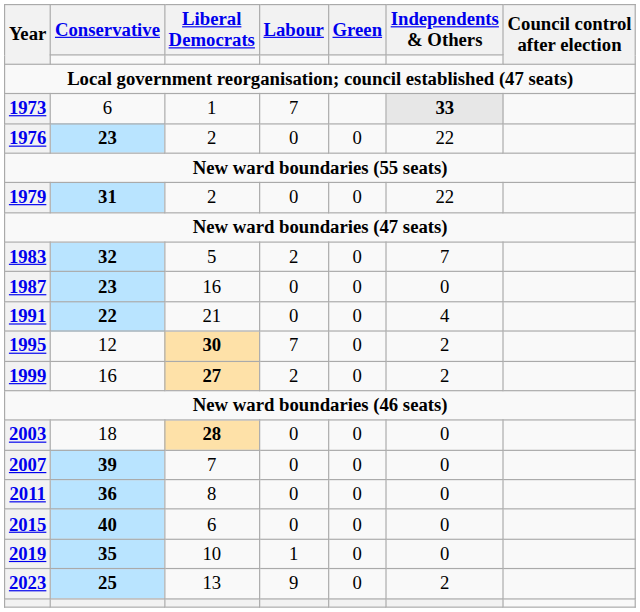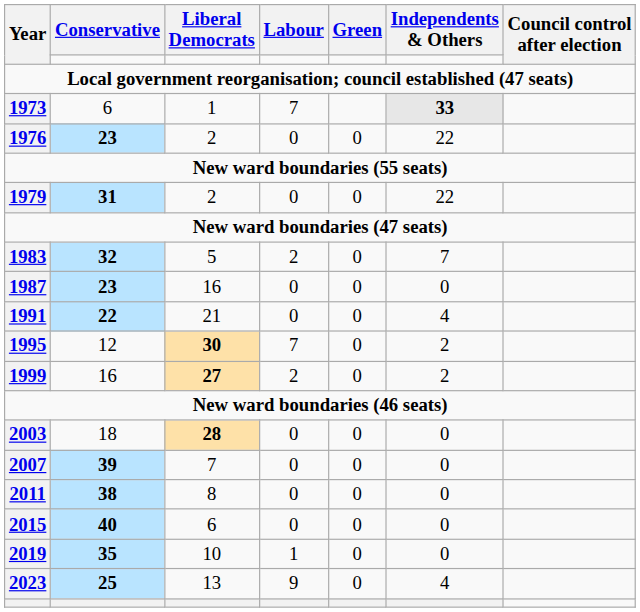 <table class="wikitable plainrowheaders" style="text-align:center">
 <tr>
 <th scope="col" rowspan="2">Year</th>
 <th scope="col"><a href='#'>Conservative</a></th>
 <th scope="col" style="width:1px"><a href='#'>Liberal Democrats</a></th>
 <th scope="col"><a href='#'>Labour</a></th>
 <th scope="col"><a href='#'>Green</a></th>
 <th scope="col"><a href='#'>Independents</a><br>& Others</th>
 <th scope="col" rowspan="2" colspan="2">Council control<br>after election</th>
 </tr>
 <tr>
 <td style="background:"></td>
 <td style="background:"></td>
 <td style="background:"></td>
 <td style="background:"></td>
 <td style="background:"></td>
 </tr>
 <tr>
 <td colspan="9"><strong>Local government reorganisation; council established (47 seats)</strong></td>
 </tr>
 <tr>
 <th scope="row"><a href='#'>1973</a></th>
 <td>6</td>
 <td>1</td>
 <td>7</td>
 <td></td>
 <td style="background:#E7E7E7;"><strong>33</strong></td>
 <td></td>
 </tr>
 <tr>
 <th scope="row"><a href='#'>1976</a></th>
 <td style="background:#B9E4FF;"><strong>23</strong></td>
 <td>2</td>
 <td>0</td>
 <td>0</td>
 <td>22</td>
 <td></td>
 </tr>
 <tr>
 <td colspan="9"><strong>New ward boundaries (55 seats)</strong></td>
 </tr>
 <tr>
 <th scope="row"><a href='#'>1979</a></th>
 <td style="background:#B9E4FF;"><strong>31</strong></td>
 <td>2</td>
 <td>0</td>
 <td>0</td>
 <td>22</td>
 <td></td>
 </tr>
 <tr>
 <td colspan="9"><strong>New ward boundaries (47 seats)</strong></td>
 </tr>
 <tr>
 <th scope="row"><a href='#'>1983</a></th>
 <td style="background:#B9E4FF;"><strong>32</strong></td>
 <td>5</td>
 <td>2</td>
 <td>0</td>
 <td>7</td>
 <td></td>
 </tr>
 <tr>
 <th scope="row"><a href='#'>1987</a></th>
 <td style="background:#B9E4FF;"><strong>23</strong></td>
 <td>16</td>
 <td>0</td>
 <td>0</td>
 <td>0</td>
 <td></td>
 </tr>
 <tr>
 <th scope="row"><a href='#'>1991</a></th>
 <td style="background:#B9E4FF;"><strong>22</strong></td>
 <td>21</td>
 <td>0</td>
 <td>0</td>
 <td>4</td>
 <td></td>
 </tr>
 <tr>
 <th scope="row"><a href='#'>1995</a></th>
 <td>12</td>
 <td style="background:#FEE1A8"><strong>30</strong></td>
 <td>7</td>
 <td>0</td>
 <td>2</td>
 <td></td>
 </tr>
 <tr>
 <th scope="row"><a href='#'>1999</a></th>
 <td>16</td>
 <td style="background:#FEE1A8"><strong>27</strong></td>
 <td>2</td>
 <td>0</td>
 <td>2</td>
 <td></td>
 </tr>
 <tr>
 <td colspan="9"><strong>New ward boundaries (46 seats)</strong></td>
 </tr>
 <tr>
 <th scope="row"><a href='#'>2003</a></th>
 <td>18</td>
 <td style="background:#FEE1A8"><strong>28</strong></td>
 <td>0</td>
 <td>0</td>
 <td>0</td>
 <td></td>
 </tr>
 <tr>
 <th scope="row"><a href='#'>2007</a></th>
 <td style="background:#B9E4FF;"><strong>39</strong></td>
 <td>7</td>
 <td>0</td>
 <td>0</td>
 <td>0</td>
 <td></td>
 </tr>
 <tr>
 <th scope="row"><a href='#'>2011</a></th>
-<td style="background:#B9E4FF;"><strong>36</strong></td>
+<td style="background:#B9E4FF;"><strong>38</strong></td>
 <td>8</td>
 <td>0</td>
 <td>0</td>
 <td>0</td>
 <td></td>
 </tr>
 <tr>
 <th scope="row"><a href='#'>2015</a></th>
 <td style="background:#B9E4FF;"><strong>40</strong></td>
 <td>6</td>
 <td>0</td>
 <td>0</td>
 <td>0</td>
 <td></td>
 </tr>
 <tr>
 <th scope="row"><a href='#'>2019</a></th>
 <td style="background:#B9E4FF;"><strong>35</strong></td>
 <td>10</td>
 <td>1</td>
 <td>0</td>
 <td>0</td>
 <td></td>
 </tr>
 <tr>
 <th scope="row"><a href='#'>2023</a></th>
 <td style="background:#B9E4FF;"><strong>25</strong></td>
 <td>13</td>
 <td>9</td>
 <td>0</td>
-<td>2</td>
+<td>4</td>
 <td></td>
 </tr>
 <tr>
 <th></th>
 <th style="background-color: "></th>
 <th style="background-color: "></th>
 <th style="background-color: "></th>
 <th style="background-color: "></th>
 <th style="background-color: "></th>
 </tr>
 </table>
